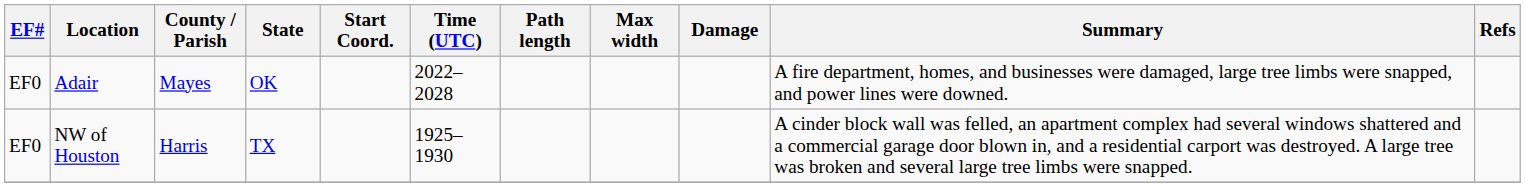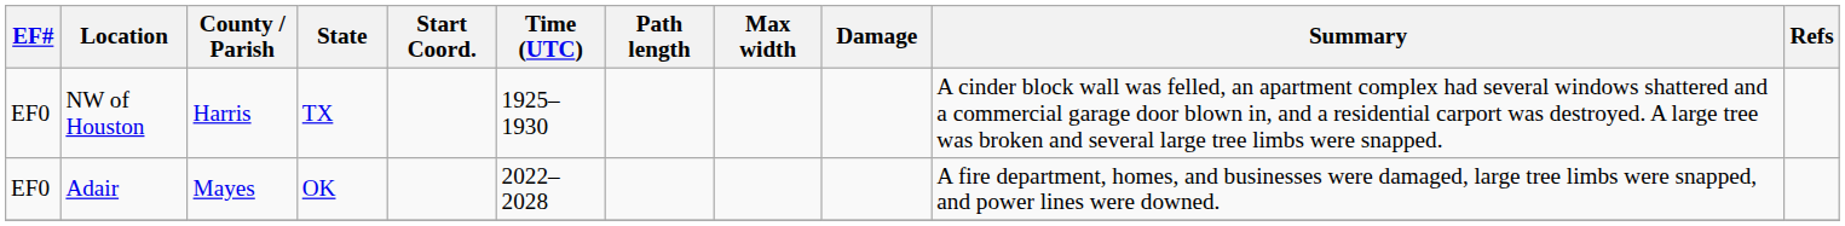 <table class="wikitable sortable" style="width:100%;">
 <tr>
 <th scope="col" width="3%" align="center"><a href='#'>EF#</a></th>
 <th scope="col" width="7%" align="center" class="unsortable">Location</th>
 <th scope="col" width="6%" align="center" class="unsortable">County / Parish</th>
 <th scope="col" width="5%" align="center">State</th>
 <th scope="col" width="6%" align="center">Start Coord.</th>
 <th scope="col" width="6%" align="center">Time (<a href='#'>UTC</a>)</th>
 <th scope="col" width="6%" align="center">Path length</th>
 <th scope="col" width="6%" align="center">Max width</th>
 <th scope="col" width="6%" align="center">Damage</th>
 <th scope="col" width="48%" class="unsortable" align="center">Summary</th>
 <th scope="col" width="48%" class="unsortable" align="center">Refs</th>
 </tr>
 <tr>
 <td>EF0</td>
+<td>NW of <a href='#'>Houston</a></td>
+<td><a href='#'>Harris</a></td>
+<td><a href='#'>TX</a></td>
+<td></td>
+<td>1925–1930</td>
+<td></td>
+<td></td>
+<td></td>
+<td>A cinder block wall was felled, an apartment complex had several windows shattered and a commercial garage door blown in, and a residential carport was destroyed. A large tree was broken and several large tree limbs were snapped.</td>
+<td></td>
+</tr>
+<tr>
+<td>EF0</td>
 <td><a href='#'>Adair</a></td>
 <td><a href='#'>Mayes</a></td>
 <td><a href='#'>OK</a></td>
 <td></td>
 <td>2022–2028</td>
 <td></td>
 <td></td>
 <td></td>
 <td>A fire department, homes, and businesses were damaged, large tree limbs were snapped, and power lines were downed.</td>
 <td></td>
 </tr>
 <tr>
-<td>EF0</td>
-<td>NW of <a href='#'>Houston</a></td>
-<td><a href='#'>Harris</a></td>
-<td><a href='#'>TX</a></td>
-<td></td>
-<td>1925–1930</td>
-<td></td>
-<td></td>
-<td></td>
-<td>A cinder block wall was felled, an apartment complex had several windows shattered and a commercial garage door blown in, and a residential carport was destroyed. A large tree was broken and several large tree limbs were snapped.</td>
-<td></td>
-</tr>
-<tr>
 </tr>
 </table>
